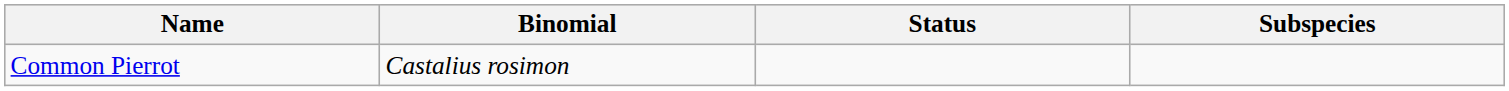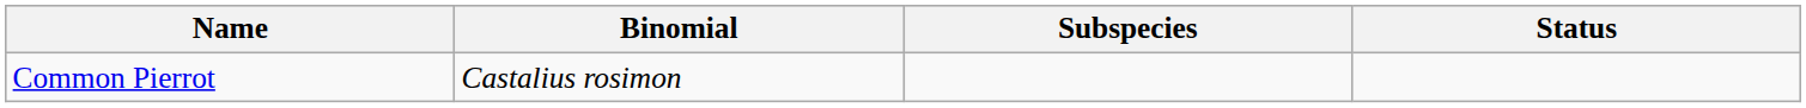 <table width=60% class="wikitable">
 <tr>
 <th width=20%>Name</th>
 <th width=20%>Binomial</th>
+<th width=20%>Subspecies</th>
 <th width=20%>Status</th>
-<th width=20%>Subspecies</th>
 </tr>
 <tr>
 <td><a href='#'>Common Pierrot</a><br>  </td>
 <td><em>Castalius rosimon</em></td>
 <td></td>
 <td></td>
 </tr>
 </table>
